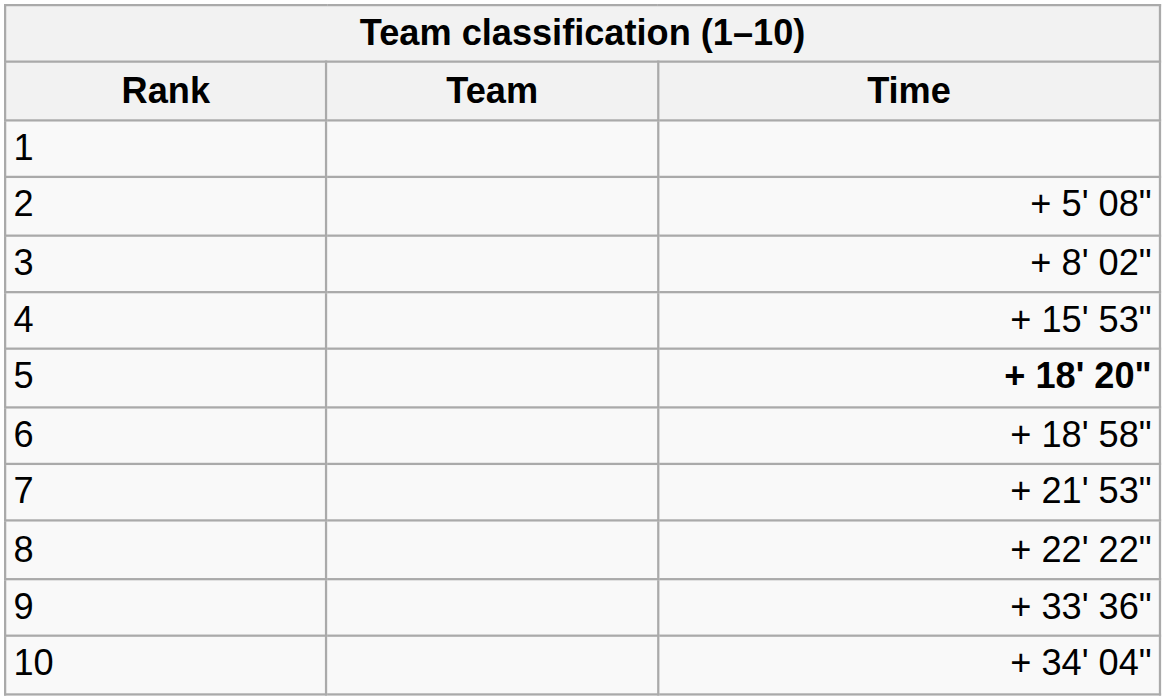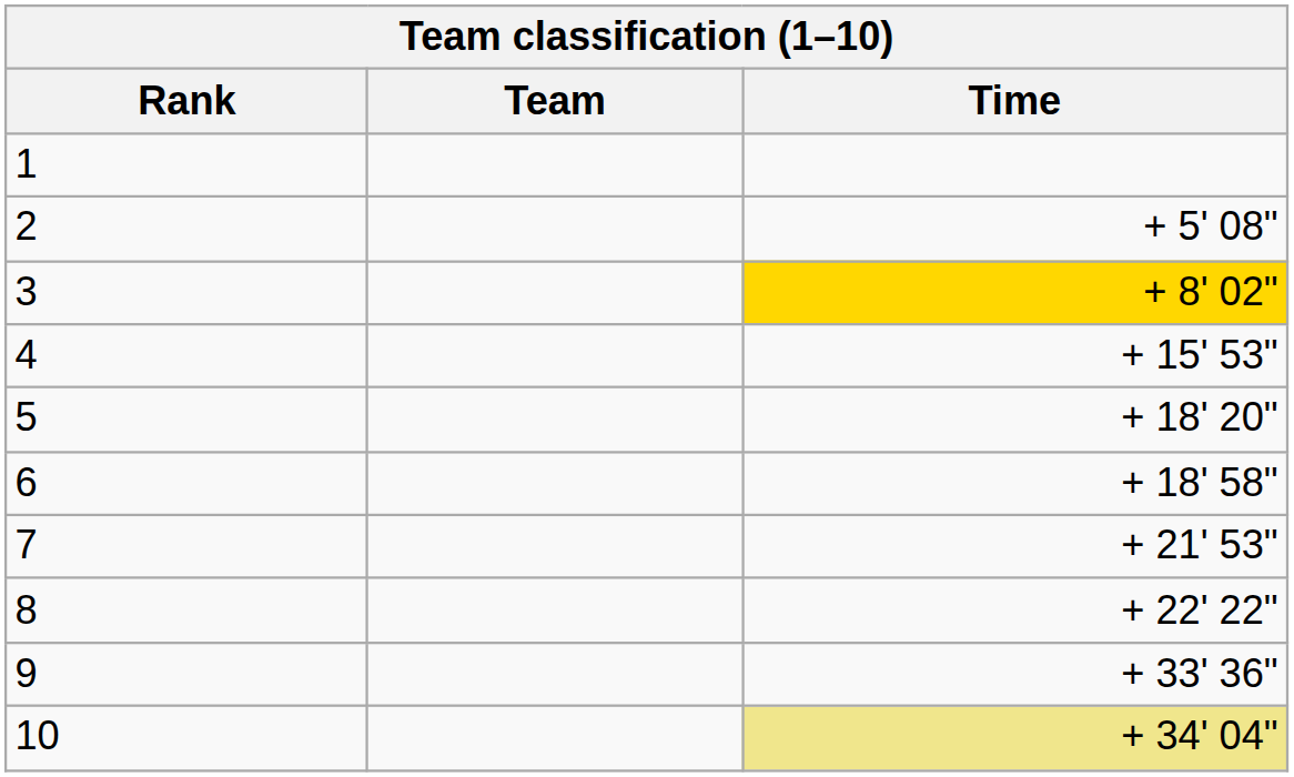 <table class="wikitable" style="width:32em;margin-bottom:0">
 <tr>
 <th colspan=4>Team classification (1–10)</th>
 </tr>
 <tr>
 <th>Rank</th>
 <th>Team</th>
 <th>Time</th>
 </tr>
 <tr>
 <td>1</td>
 <td></td>
 <td align=right></td>
 </tr>
 <tr>
 <td>2</td>
 <td></td>
 <td align=right>+ 5' 08"</td>
 </tr>
 <tr>
 <td>3</td>
 <td></td>
-<td align=right>+ 8' 02"</td>
+<td align=right style="background: gold;">+ 8' 02"</td>
 </tr>
 <tr>
 <td>4</td>
 <td></td>
 <td align=right>+ 15' 53"</td>
 </tr>
 <tr>
 <td>5</td>
 <td></td>
-<td align=right><strong>+ 18' 20"</strong></td>
+<td align=right>+ 18' 20"</td>
 </tr>
 <tr>
 <td>6</td>
 <td></td>
 <td align=right>+ 18' 58"</td>
 </tr>
 <tr>
 <td>7</td>
 <td></td>
 <td align=right>+ 21' 53"</td>
 </tr>
 <tr>
 <td>8</td>
 <td></td>
 <td align=right>+ 22' 22"</td>
 </tr>
 <tr>
 <td>9</td>
 <td></td>
 <td align=right>+ 33' 36"</td>
 </tr>
 <tr>
 <td>10</td>
 <td></td>
-<td align=right>+ 34' 04"</td>
+<td align=right style="background: khaki;">+ 34' 04"</td>
 </tr>
 </table>
